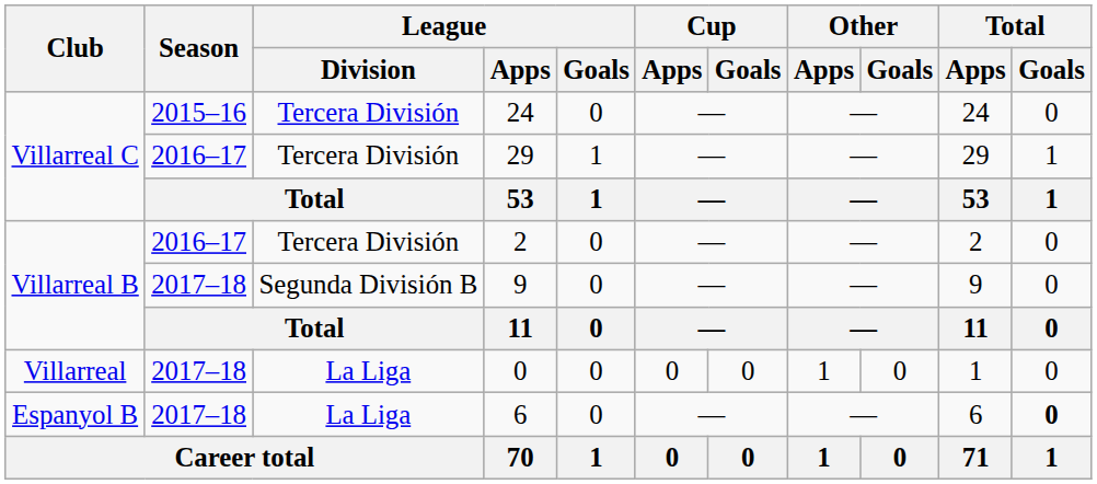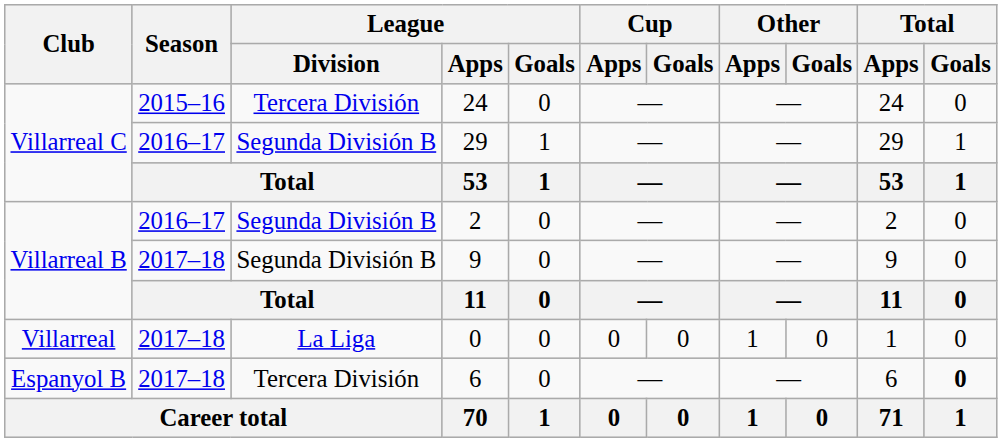 <table class="wikitable" style="text-align: center;">
 <tr>
 <th rowspan="2">Club</th>
 <th rowspan="2">Season</th>
 <th colspan="3">League</th>
 <th colspan="2">Cup</th>
 <th colspan="2">Other</th>
 <th colspan="2">Total</th>
 </tr>
 <tr>
 <th>Division</th>
 <th>Apps</th>
 <th>Goals</th>
 <th>Apps</th>
 <th>Goals</th>
 <th>Apps</th>
 <th>Goals</th>
 <th>Apps</th>
 <th>Goals</th>
 </tr>
 <tr>
 <td rowspan="3"><a href='#'>Villarreal C</a></td>
 <td><a href='#'>2015–16</a></td>
 <td><a href='#'>Tercera División</a></td>
 <td>24</td>
 <td>0</td>
 <td colspan="2">—</td>
 <td colspan="2">—</td>
 <td>24</td>
 <td>0</td>
 </tr>
 <tr>
 <td><a href='#'>2016–17</a></td>
-<td>Tercera División</td>
+<td><a href='#'>Segunda División B</a></td>
 <td>29</td>
 <td>1</td>
 <td colspan="2">—</td>
 <td colspan="2">—</td>
 <td>29</td>
 <td>1</td>
 </tr>
 <tr>
 <th colspan="2">Total</th>
 <th>53</th>
 <th>1</th>
 <th colspan="2">—</th>
 <th colspan="2">—</th>
 <th>53</th>
 <th>1</th>
 </tr>
 <tr>
 <td rowspan="3"><a href='#'>Villarreal B</a></td>
 <td><a href='#'>2016–17</a></td>
-<td>Tercera División</td>
+<td><a href='#'>Segunda División B</a></td>
 <td>2</td>
 <td>0</td>
 <td colspan="2">—</td>
 <td colspan="2">—</td>
 <td>2</td>
 <td>0</td>
 </tr>
 <tr>
 <td><a href='#'>2017–18</a></td>
 <td>Segunda División B</td>
 <td>9</td>
 <td>0</td>
 <td colspan="2">—</td>
 <td colspan="2">—</td>
 <td>9</td>
 <td>0</td>
 </tr>
 <tr>
 <th colspan="2">Total</th>
 <th>11</th>
 <th>0</th>
 <th colspan="2">—</th>
 <th colspan="2">—</th>
 <th>11</th>
 <th>0</th>
 </tr>
 <tr>
 <td rowspan="1"><a href='#'>Villarreal</a></td>
 <td><a href='#'>2017–18</a></td>
 <td><a href='#'>La Liga</a></td>
 <td>0</td>
 <td>0</td>
 <td>0</td>
 <td>0</td>
 <td>1</td>
 <td>0</td>
 <td>1</td>
 <td>0</td>
 </tr>
 <tr>
 <td><a href='#'>Espanyol B</a></td>
 <td><a href='#'>2017–18</a></td>
-<td><a href='#'>La Liga</a></td>
+<td>Tercera División</td>
 <td>6</td>
 <td>0</td>
 <td colspan="2">—</td>
 <td colspan="2">—</td>
 <td>6</td>
 <td><strong>0</strong></td>
 </tr>
 <tr>
 <th colspan="3">Career total</th>
 <th>70</th>
 <th>1</th>
 <th>0</th>
 <th>0</th>
 <th>1</th>
 <th>0</th>
 <th>71</th>
 <th>1</th>
 </tr>
 </table>
